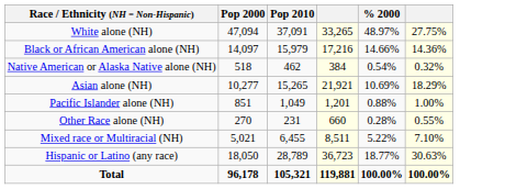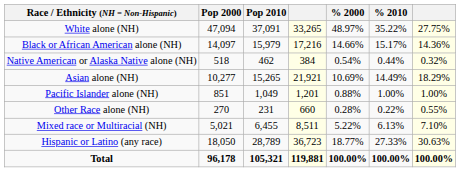 <table class="wikitable" style="text-align:center;">
 <tr>
 <th>Race / Ethnicity <small>(<em>NH = Non-Hispanic</em>)</small></th>
 <th>Pop 2000</th>
 <th>Pop 2010</th>
 <th></th>
 <th>% 2000</th>
+<th>% 2010</th>
 <th></th>
 </tr>
 <tr>
 <td><a href='#'>White</a> alone (NH)</td>
 <td>47,094</td>
 <td>37,091</td>
 <td style='background: #ffffe6;'>33,265</td>
 <td>48.97%</td>
+<td>35.22%</td>
 <td style='background: #ffffe6;'>27.75%</td>
 </tr>
 <tr>
 <td><a href='#'>Black or African American</a> alone (NH)</td>
 <td>14,097</td>
 <td>15,979</td>
 <td style='background: #ffffe6;'>17,216</td>
 <td>14.66%</td>
+<td>15.17%</td>
 <td style='background: #ffffe6;'>14.36%</td>
 </tr>
 <tr>
 <td><a href='#'>Native American</a> or <a href='#'>Alaska Native</a> alone (NH)</td>
 <td>518</td>
 <td>462</td>
 <td style='background: #ffffe6;'>384</td>
 <td>0.54%</td>
+<td>0.44%</td>
 <td style='background: #ffffe6;'>0.32%</td>
 </tr>
 <tr>
 <td><a href='#'>Asian</a> alone (NH)</td>
 <td>10,277</td>
 <td>15,265</td>
 <td style='background: #ffffe6;'>21,921</td>
 <td>10.69%</td>
+<td>14.49%</td>
 <td style='background: #ffffe6;'>18.29%</td>
 </tr>
 <tr>
 <td><a href='#'>Pacific Islander</a> alone (NH)</td>
 <td>851</td>
 <td>1,049</td>
 <td style='background: #ffffe6;'>1,201</td>
 <td>0.88%</td>
+<td>1.00%</td>
 <td style='background: #ffffe6;'>1.00%</td>
 </tr>
 <tr>
 <td><a href='#'>Other Race</a> alone (NH)</td>
 <td>270</td>
 <td>231</td>
 <td style='background: #ffffe6;'>660</td>
 <td>0.28%</td>
+<td>0.22%</td>
 <td style='background: #ffffe6;'>0.55%</td>
 </tr>
 <tr>
 <td><a href='#'>Mixed race or Multiracial</a> (NH)</td>
 <td>5,021</td>
 <td>6,455</td>
 <td style='background: #ffffe6;'>8,511</td>
 <td>5.22%</td>
+<td>6.13%</td>
 <td style='background: #ffffe6;'>7.10%</td>
 </tr>
 <tr>
 <td><a href='#'>Hispanic or Latino</a> (any race)</td>
 <td>18,050</td>
 <td>28,789</td>
 <td style='background: #ffffe6;'>36,723</td>
 <td>18.77%</td>
+<td>27.33%</td>
 <td style='background: #ffffe6;'>30.63%</td>
 </tr>
 <tr>
 <td><strong>Total</strong></td>
 <td><strong>96,178</strong></td>
 <td><strong>105,321</strong></td>
 <td style='background: #ffffe6;'><strong>119,881</strong></td>
 <td><strong>100.00%</strong></td>
+<td><strong>100.00%</strong></td>
 <td style='background: #ffffe6;'><strong>100.00%</strong></td>
 </tr>
 </table>
